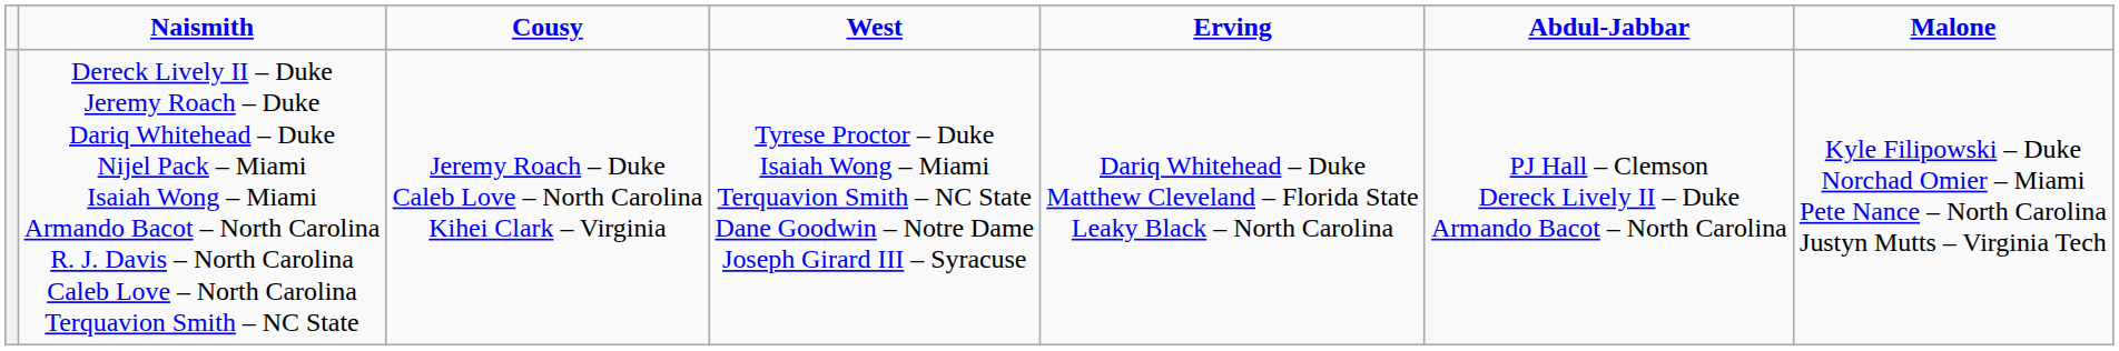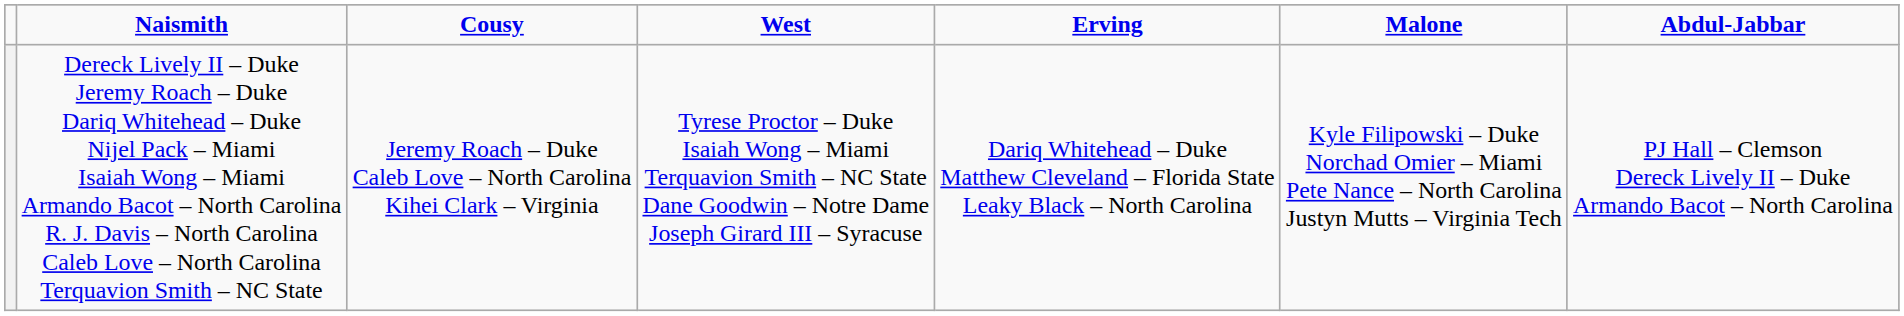 <table class="wikitable" style="white-space:nowrap; text-align:center; font-size:90%;">
 <tr>
 <td></td>
 <td><strong><a href='#'>Naismith</a></strong></td>
 <td><strong><a href='#'>Cousy</a></strong></td>
 <td><strong><a href='#'>West</a></strong></td>
 <td><strong><a href='#'>Erving</a></strong></td>
+<td><strong><a href='#'>Malone</a></strong></td>
 <td><strong><a href='#'>Abdul-Jabbar</a></strong></td>
-<td><strong><a href='#'>Malone</a></strong></td>
 </tr>
 <tr>
 <th></th>
 <td><a href='#'>Dereck Lively II</a> – Duke<br><a href='#'>Jeremy Roach</a> – Duke<br><a href='#'>Dariq Whitehead</a> – Duke<br><a href='#'>Nijel Pack</a> – Miami<br><a href='#'>Isaiah Wong</a> – Miami<br><a href='#'>Armando Bacot</a> – North Carolina<br><a href='#'>R. J. Davis</a> – North Carolina<br><a href='#'>Caleb Love</a> – North Carolina<br><a href='#'>Terquavion Smith</a> – NC State</td>
 <td><a href='#'>Jeremy Roach</a> – Duke<br><a href='#'>Caleb Love</a> – North Carolina<br><a href='#'>Kihei Clark</a> – Virginia</td>
 <td><a href='#'>Tyrese Proctor</a> – Duke<br><a href='#'>Isaiah Wong</a> – Miami<br><a href='#'>Terquavion Smith</a> – NC State<br><a href='#'>Dane Goodwin</a> – Notre Dame<br><a href='#'>Joseph Girard III</a> – Syracuse</td>
 <td><a href='#'>Dariq Whitehead</a> – Duke<br><a href='#'>Matthew Cleveland</a> – Florida State<br><a href='#'>Leaky Black</a> – North Carolina</td>
+<td><a href='#'>Kyle Filipowski</a> – Duke<br><a href='#'>Norchad Omier</a> – Miami<br><a href='#'>Pete Nance</a> – North Carolina<br>Justyn Mutts – Virginia Tech</td>
 <td><a href='#'>PJ Hall</a> – Clemson<br><a href='#'>Dereck Lively II</a> – Duke<br><a href='#'>Armando Bacot</a> – North Carolina</td>
-<td><a href='#'>Kyle Filipowski</a> – Duke<br><a href='#'>Norchad Omier</a> – Miami<br><a href='#'>Pete Nance</a> – North Carolina<br>Justyn Mutts – Virginia Tech</td>
 </tr>
 </table>
